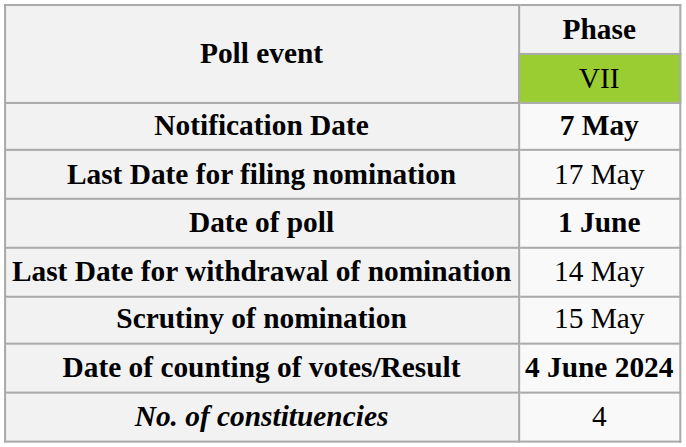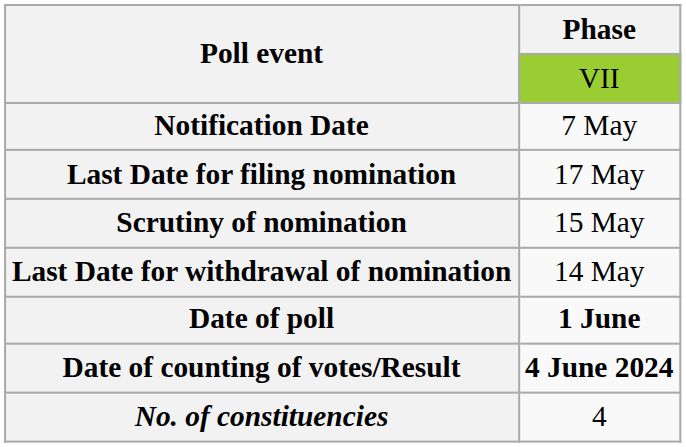 <table class="wikitable" style="text-align:center;margin:auto;font-size:90%;">
 <tr>
 <th rowspan=2>Poll event</th>
 <th>Phase</th>
 </tr>
 <tr>
 <td bgcolor=#9ACD32>VII</td>
 </tr>
 <tr>
 <th>Notification Date</th>
-<td><strong>7 May</strong></td>
+<td>7 May</td>
 </tr>
 <tr>
 <th>Last Date for filing nomination</th>
 <td>17 May</td>
 </tr>
 <tr>
-<th>Date of poll</th>
-<td><strong>1 June</strong></td>
+<th>Scrutiny of nomination</th>
+<td>15 May</td>
 </tr>
 <tr>
 <th>Last Date for withdrawal of nomination</th>
 <td>14 May</td>
 </tr>
 <tr>
-<th>Scrutiny of nomination</th>
-<td>15 May</td>
+<th>Date of poll</th>
+<td><strong>1 June</strong></td>
 </tr>
 <tr>
 <th>Date of counting of votes/Result</th>
 <td><strong>4 June 2024</strong></td>
 </tr>
 <tr>
 <th><strong><em>No. of constituencies</em></strong></th>
 <td>4</td>
 </tr>
 </table>
